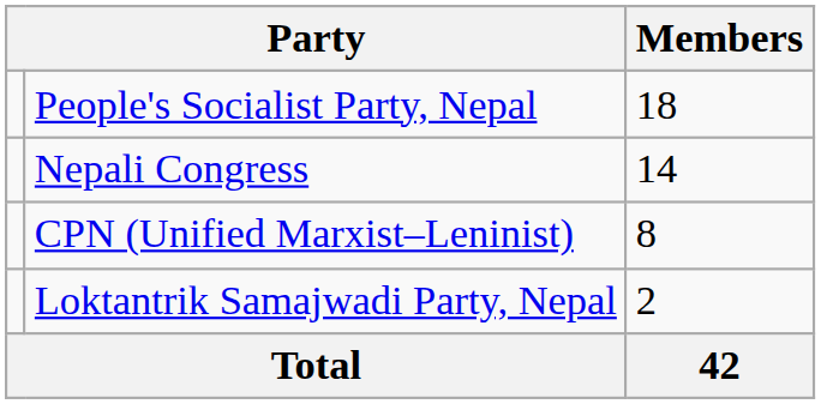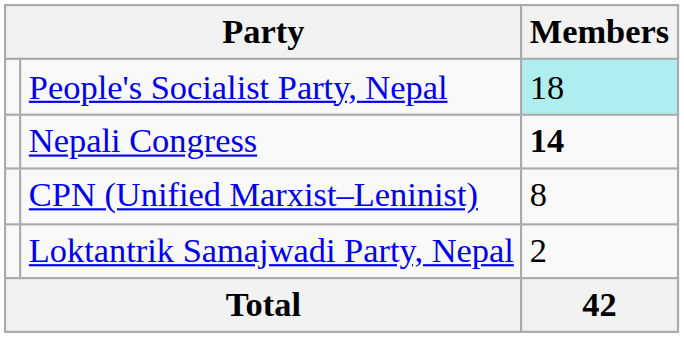 <table class="wikitable">
 <tr>
 <th colspan="2">Party</th>
 <th>Members</th>
 </tr>
 <tr>
 <td style="background-color:"><br></td>
 <td><a href='#'>People's Socialist Party, Nepal</a></td>
-<td>18</td>
+<td style="background: paleturquoise;">18</td>
 </tr>
 <tr>
 <td style="background-color:"><br></td>
 <td><a href='#'>Nepali Congress</a></td>
-<td>14</td>
+<td><strong>14</strong></td>
 </tr>
 <tr>
 <td style="background-color:"><br></td>
 <td><a href='#'>CPN (Unified Marxist–Leninist)</a></td>
 <td>8</td>
 </tr>
 <tr>
 <td style="background-color:"><br></td>
 <td><a href='#'>Loktantrik Samajwadi Party, Nepal</a></td>
 <td>2</td>
 </tr>
 <tr>
 <th colspan="2">Total</th>
 <th>42</th>
 </tr>
 </table>
